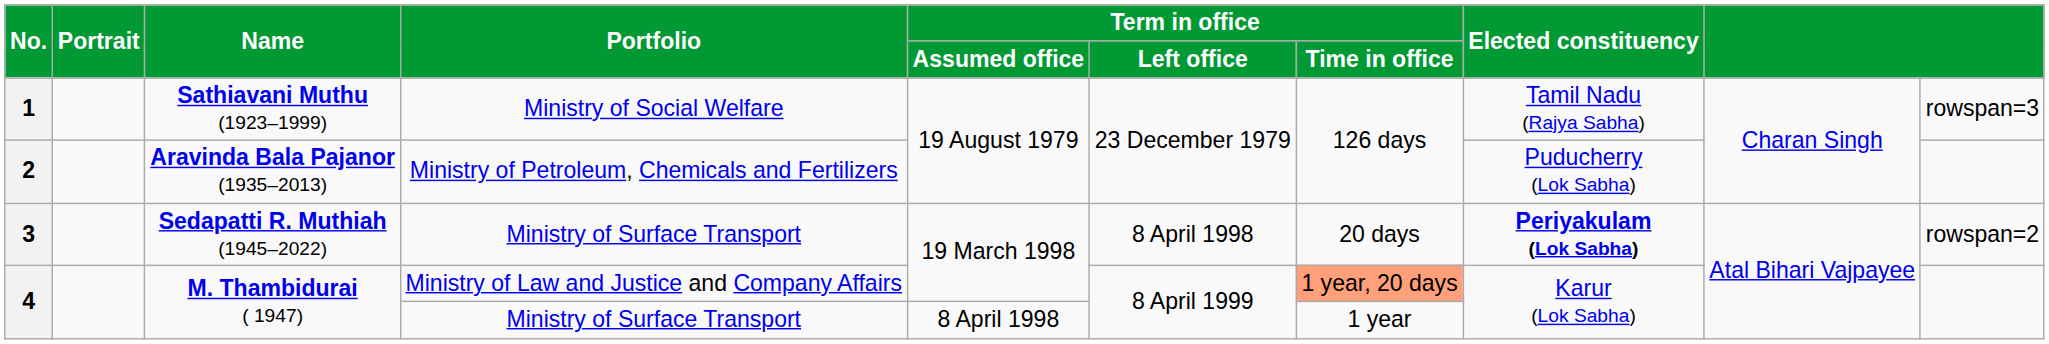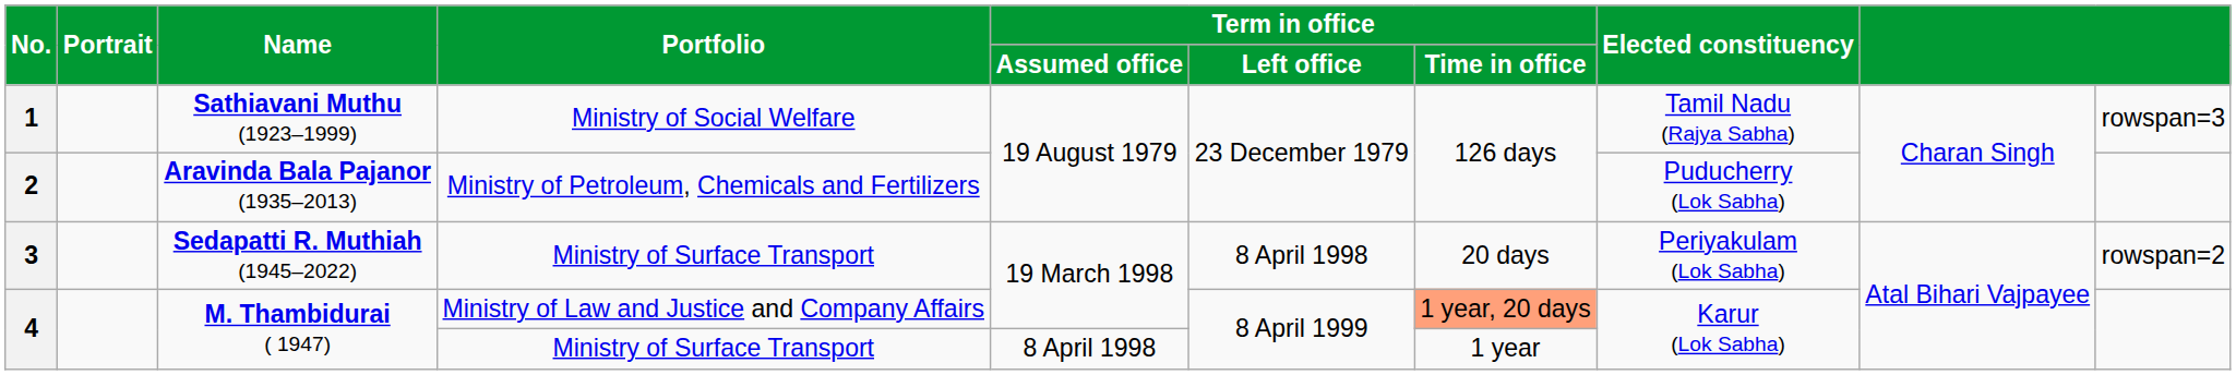 <table class="wikitable sortable" style="text-align:center;">
 <tr>
 <th rowspan=2 style="background-color:#009933;color:white">No.</th>
 <th rowspan=2 style="background-color:#009933;color:white">Portrait</th>
 <th rowspan=2 style="background-color:#009933;color:white">Name<br></th>
 <th rowspan=2 style="background-color:#009933;color:white">Portfolio</th>
 <th colspan=3 style="background-color:#009933;color:white">Term in office</th>
 <th rowspan=2 style="background-color:#009933;color:white">Elected constituency<br></th>
 <th rowspan=2 colspan=2 style="background-color:#009933;color:white"><a href='#'></a></th>
 </tr>
 <tr>
 <th style="background-color:#009933;color:white">Assumed office</th>
 <th style="background-color:#009933;color:white">Left office</th>
 <th style="background-color:#009933;color:white">Time in office</th>
 </tr>
 <tr>
 <th>1</th>
 <td></td>
 <td><strong><a href='#'>Sathiavani Muthu</a></strong><br><small>(1923–1999)</small></td>
 <td><a href='#'>Ministry of Social Welfare</a></td>
 <td rowspan=2>19 August 1979</td>
 <td rowspan=2>23 December 1979</td>
 <td rowspan=2>126 days</td>
 <td><a href='#'>Tamil Nadu</a><br><small>(<a href='#'>Rajya Sabha</a>)</small></td>
 <td rowspan=2><a href='#'>Charan Singh</a></td>
 <td>rowspan=3 </td>
 </tr>
 <tr>
 <th>2</th>
 <td></td>
 <td><strong><a href='#'>Aravinda Bala Pajanor</a></strong><br><small>(1935–2013)</small></td>
 <td><a href='#'>Ministry of Petroleum</a>, <a href='#'>Chemicals and Fertilizers</a></td>
 <td><a href='#'>Puducherry</a><br><small>(<a href='#'>Lok Sabha</a>)</small></td>
 </tr>
 <tr>
 <th>3</th>
 <td></td>
 <td><strong><a href='#'>Sedapatti R. Muthiah</a></strong><br><small>(1945–2022)</small></td>
 <td><a href='#'>Ministry of Surface Transport</a></td>
 <td rowspan=2>19 March 1998</td>
 <td>8 April 1998</td>
 <td>20 days</td>
-<td><strong><a href='#'>Periyakulam</a><br><small>(<a href='#'>Lok Sabha</a>)</small></strong></td>
+<td><a href='#'>Periyakulam</a><br><small>(<a href='#'>Lok Sabha</a>)</small></td>
 <td rowspan=3><a href='#'>Atal Bihari Vajpayee</a></td>
 <td>rowspan=2 </td>
 </tr>
 <tr>
 <th rowspan=2>4</th>
 <td rowspan=2></td>
 <td rowspan=2><strong><a href='#'>M. Thambidurai</a></strong><br><small>( 1947)</small></td>
 <td><a href='#'>Ministry of Law and Justice</a> and <a href='#'>Company Affairs</a></td>
 <td rowspan=2>8 April 1999</td>
 <td style="background: lightsalmon;">1 year, 20 days</td>
 <td rowspan=2><a href='#'>Karur</a><br><small>(<a href='#'>Lok Sabha</a>)</small></td>
 </tr>
 <tr>
 <td><a href='#'>Ministry of Surface Transport</a></td>
 <td>8 April 1998</td>
 <td>1 year</td>
 </tr>
 </table>
